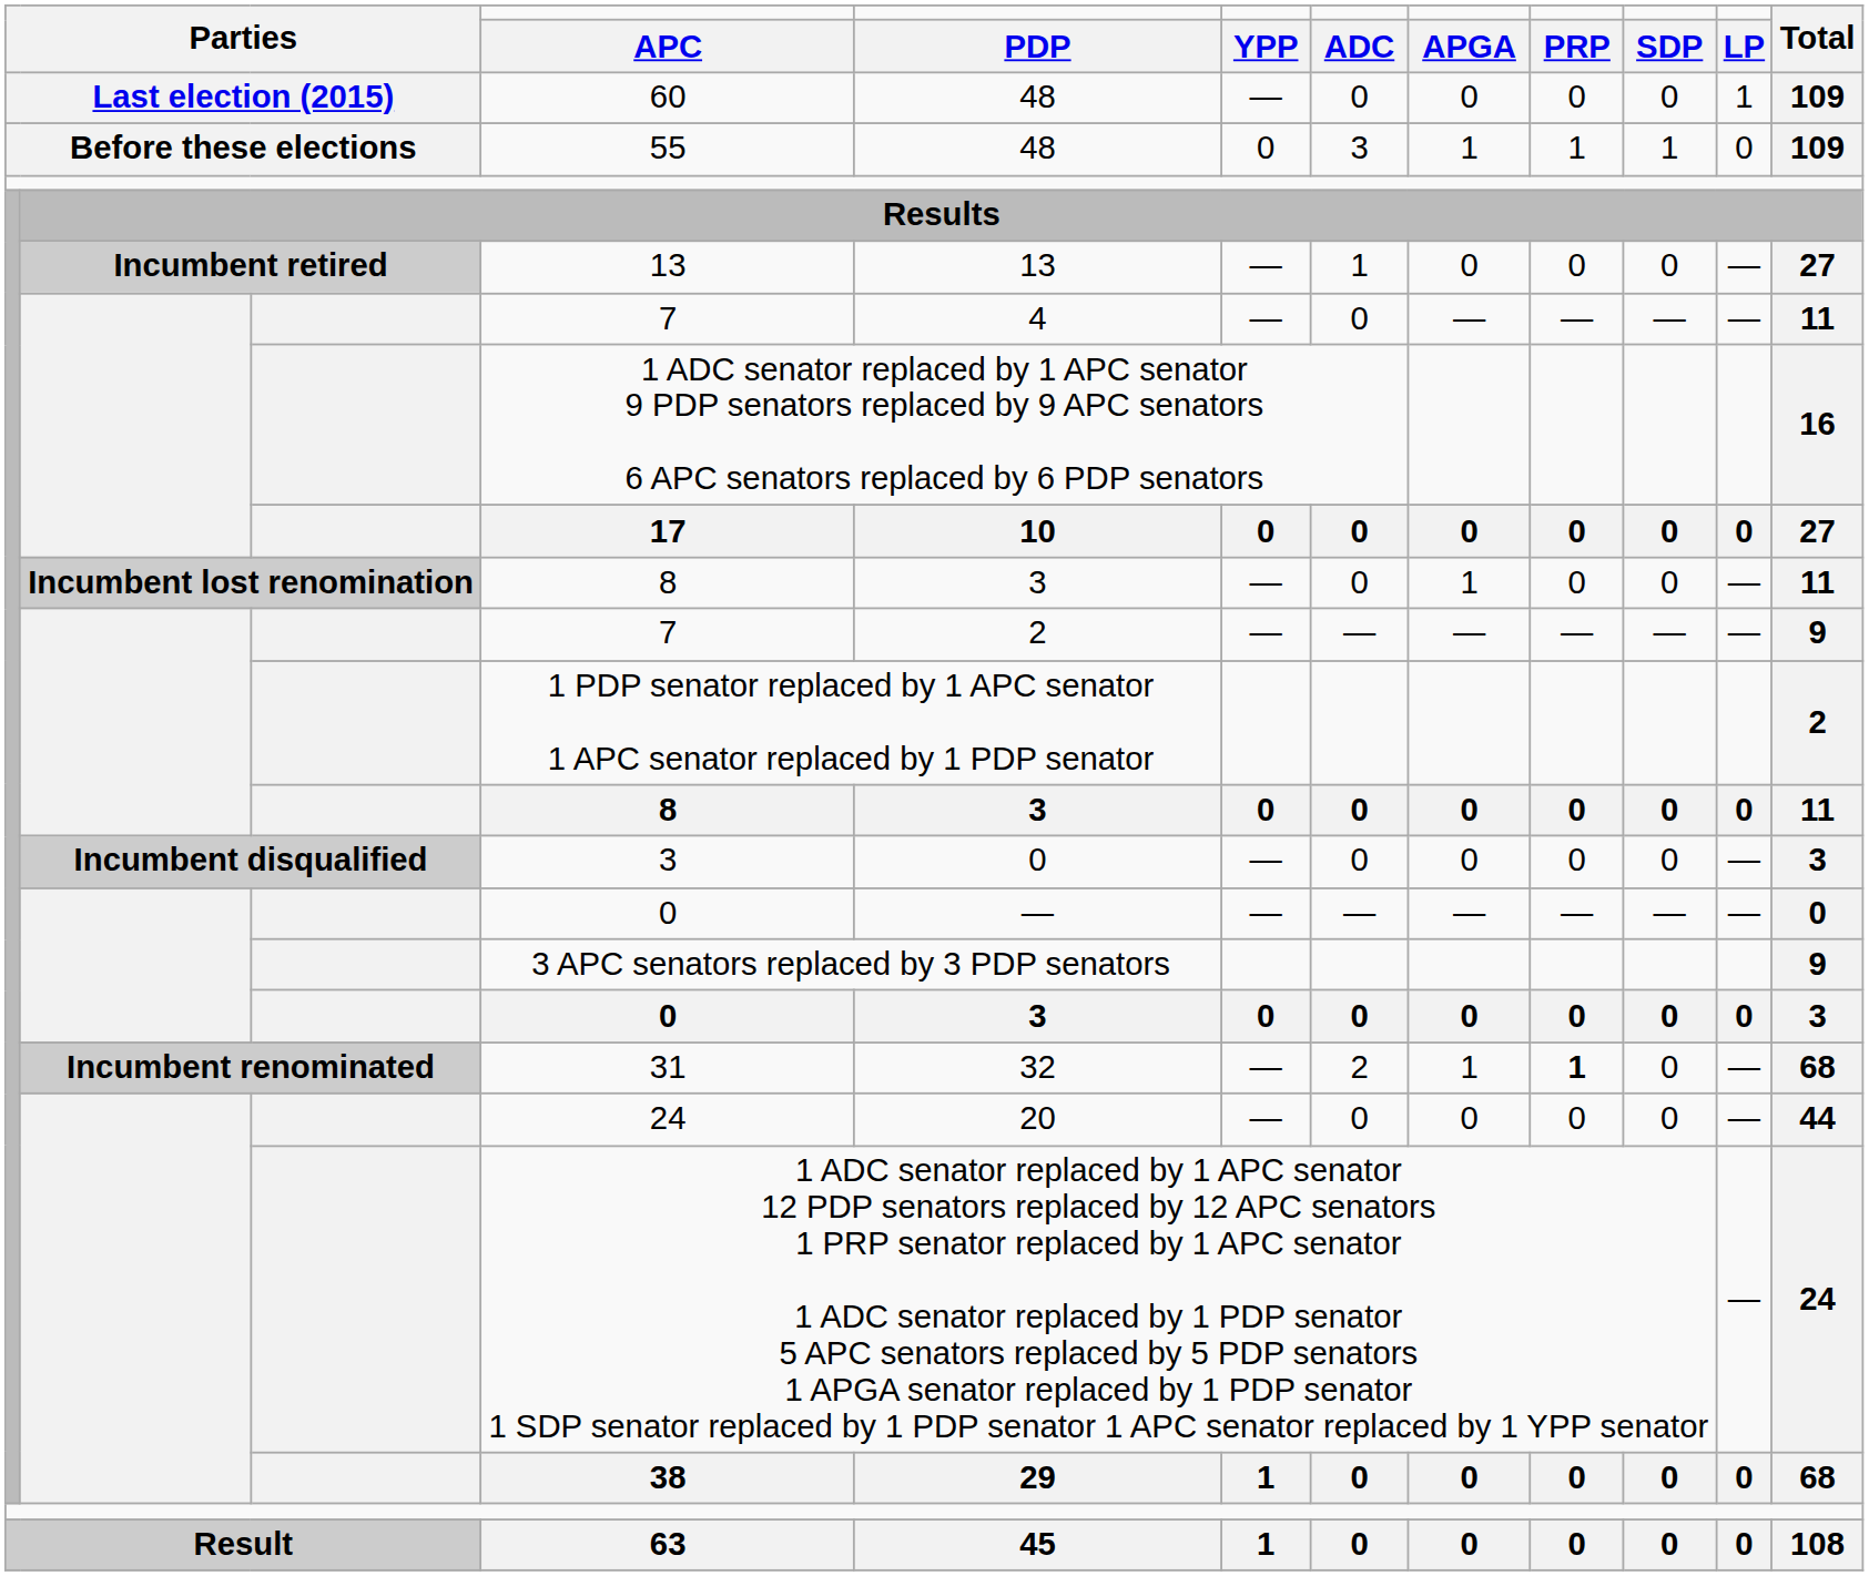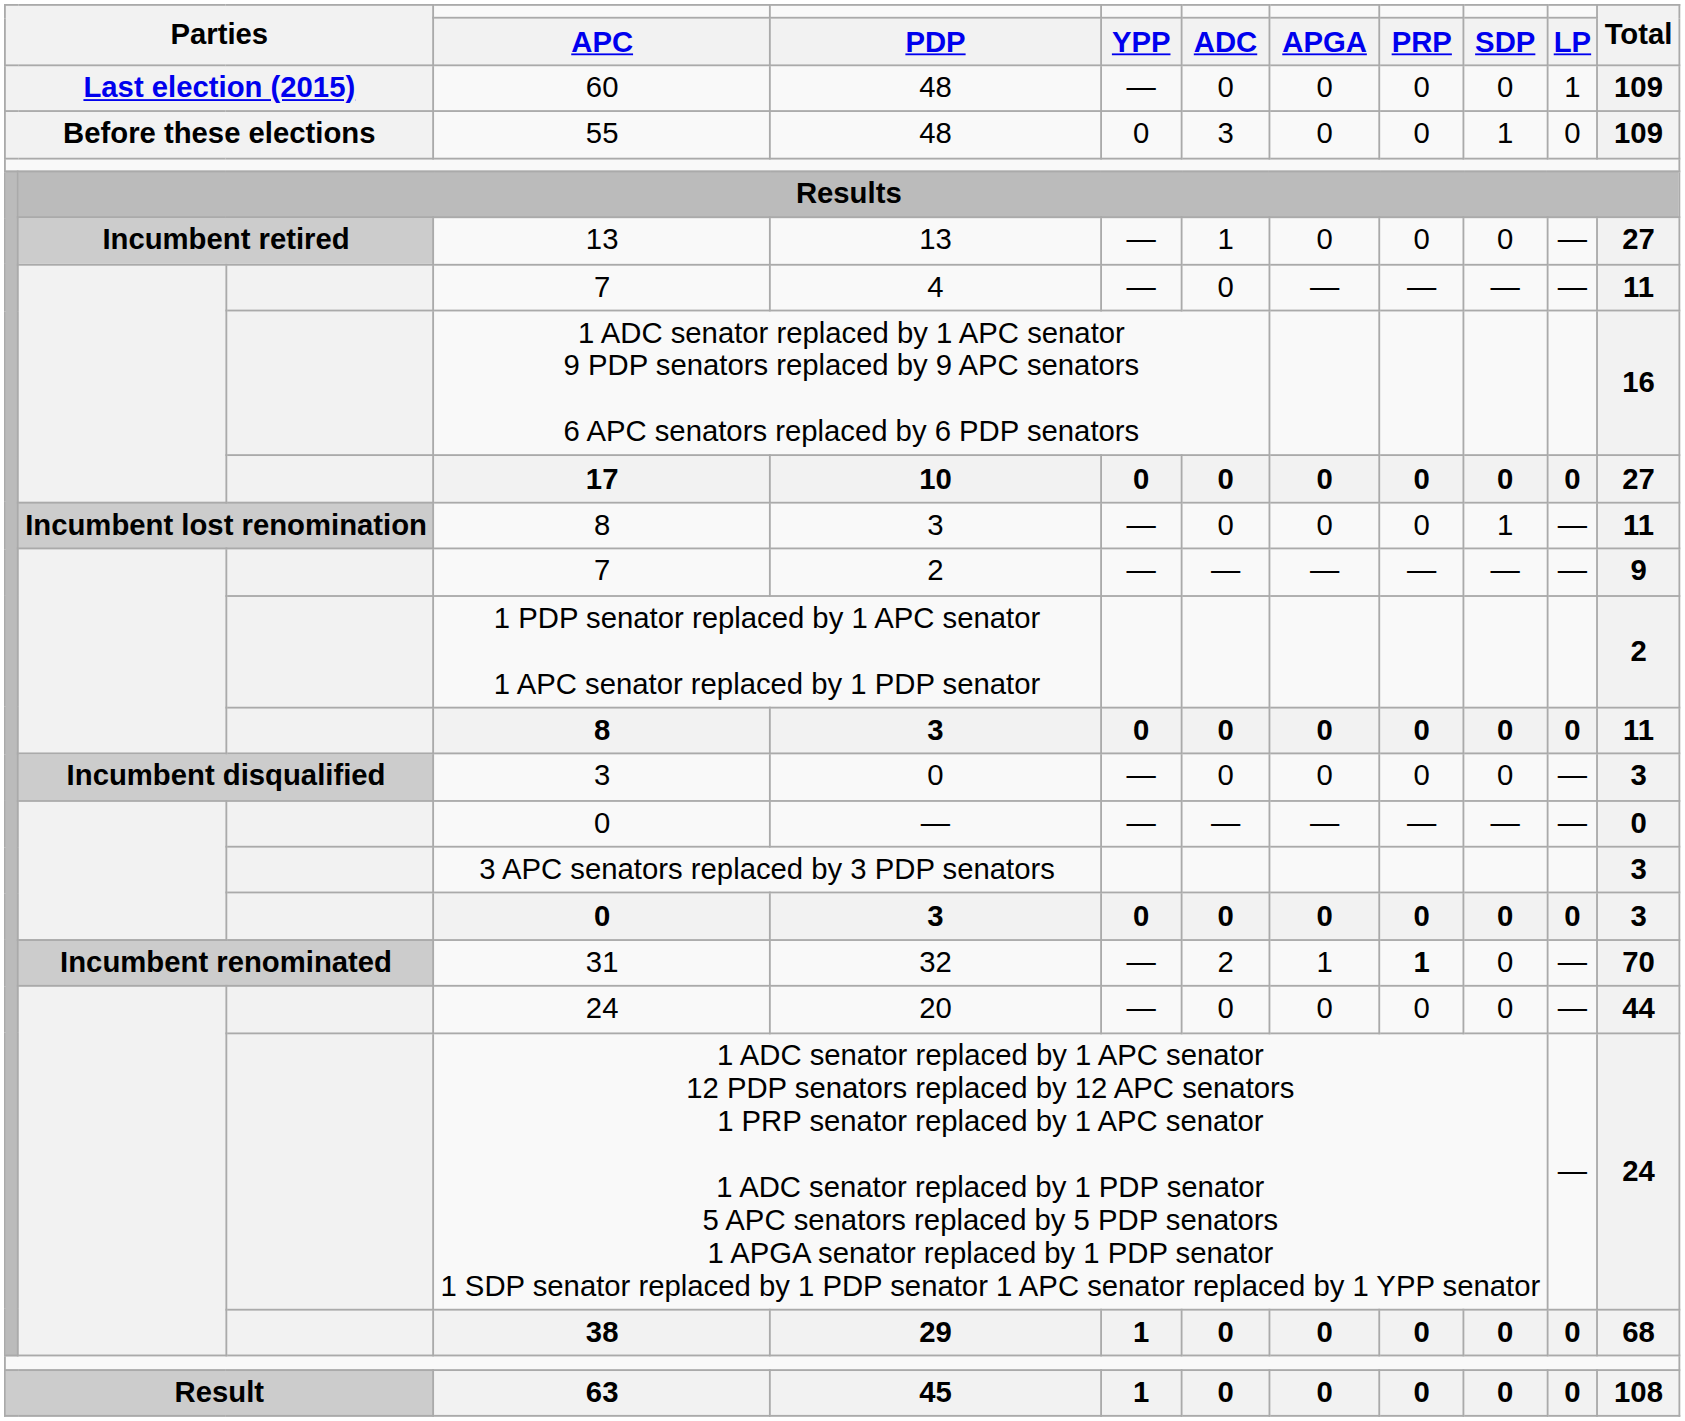 <table class=wikitable style=text-align:center>
 <tr>
 <th colspan=3 rowspan=2>Parties</th>
 <td style="background-color:"></td>
 <td style="background-color:"></td>
 <td style="background-color:"></td>
 <td style="background-color:"></td>
 <td style="background-color:"></td>
 <td style="background-color:"></td>
 <td style="background-color:"></td>
 <td style="background-color:"></td>
 <th rowspan=2>Total</th>
 </tr>
 <tr>
 <th><a href='#'>APC</a></th>
 <th><a href='#'>PDP</a></th>
 <th><a href='#'>YPP</a></th>
 <th><a href='#'>ADC</a></th>
 <th><a href='#'>APGA</a></th>
 <th><a href='#'>PRP</a></th>
 <th><a href='#'>SDP</a></th>
 <th><a href='#'>LP</a></th>
 </tr>
 <tr>
 <th colspan=3><a href='#'>Last election (2015)</a></th>
 <td>60</td>
 <td>48</td>
 <td>—</td>
 <td>0</td>
 <td>0</td>
 <td>0</td>
 <td>0</td>
 <td>1</td>
 <th>109</th>
 </tr>
 <tr>
 <th colspan=3>Before these elections</th>
 <td>55</td>
 <td>48</td>
 <td>0</td>
 <td>3</td>
-<td>1</td>
-<td>1</td>
+<td>0</td>
+<td>0</td>
 <td>1</td>
 <td>0</td>
 <th>109</th>
 </tr>
 <tr>
 <td colspan=100></td>
 </tr>
 <tr>
 <th rowspan=17 style="background:#bbb"></th>
 <th colspan=11 style="background:#bbb">Results</th>
 </tr>
 <tr>
 <th colspan=2 style="background:#ccc">Incumbent retired</th>
 <td>13</td>
 <td>13</td>
 <td>—</td>
 <td>1</td>
 <td>0</td>
 <td>0</td>
 <td>0</td>
 <td>—</td>
 <th>27</th>
 </tr>
 <tr>
 <th rowspan=3></th>
 <th></th>
 <td>7</td>
 <td>4</td>
 <td>—</td>
 <td>0</td>
 <td>—</td>
 <td>—</td>
 <td>—</td>
 <td>—</td>
 <th>11</th>
 </tr>
 <tr>
 <th></th>
 <td colspan=4 > 1 ADC senator replaced by  1 APC senator<br> 9 PDP senators replaced by  9 APC senators<br><br> 6 APC senators replaced by  6 PDP senators</td>
 <td></td>
 <td></td>
 <td></td>
 <td></td>
 <th>16</th>
 </tr>
 <tr>
 <th></th>
 <th>17</th>
 <th>10</th>
 <th>0</th>
 <th>0</th>
 <th>0</th>
 <th>0</th>
 <th>0</th>
 <th>0</th>
 <th>27</th>
 </tr>
 <tr>
 <th colspan=2 style="background:#ccc">Incumbent lost renomination</th>
 <td>8</td>
 <td>3</td>
 <td>—</td>
 <td>0</td>
-<td>1</td>
 <td>0</td>
 <td>0</td>
+<td>1</td>
 <td>—</td>
 <th>11</th>
 </tr>
 <tr>
 <th rowspan=3></th>
 <th></th>
 <td>7</td>
 <td>2</td>
 <td>—</td>
 <td>—</td>
 <td>—</td>
 <td>—</td>
 <td>—</td>
 <td>—</td>
 <th>9</th>
 </tr>
 <tr>
 <th></th>
 <td colspan=2 > 1 PDP senator replaced by  1 APC senator<br><br> 1 APC senator replaced by  1 PDP senator</td>
 <td></td>
 <td></td>
 <td></td>
 <td></td>
 <td></td>
 <td></td>
 <th>2</th>
 </tr>
 <tr>
 <th></th>
 <th>8</th>
 <th>3</th>
 <th>0</th>
 <th>0</th>
 <th>0</th>
 <th>0</th>
 <th>0</th>
 <th>0</th>
 <th>11</th>
 </tr>
 <tr>
 <th colspan=2 style="background:#ccc">Incumbent disqualified</th>
 <td>3</td>
 <td>0</td>
 <td>—</td>
 <td>0</td>
 <td>0</td>
 <td>0</td>
 <td>0</td>
 <td>—</td>
 <th>3</th>
 </tr>
 <tr>
 <th rowspan=3></th>
 <th></th>
 <td>0</td>
 <td>—</td>
 <td>—</td>
 <td>—</td>
 <td>—</td>
 <td>—</td>
 <td>—</td>
 <td>—</td>
 <th>0</th>
 </tr>
 <tr>
 <th></th>
 <td colspan=2 > 3 APC senators replaced by  3 PDP senators</td>
 <td></td>
 <td></td>
 <td></td>
 <td></td>
 <td></td>
 <td></td>
-<th>9</th>
+<th>3</th>
 </tr>
 <tr>
 <th></th>
 <th>0</th>
 <th>3</th>
 <th>0</th>
 <th>0</th>
 <th>0</th>
 <th>0</th>
 <th>0</th>
 <th>0</th>
 <th>3</th>
 </tr>
 <tr>
 <th colspan=2 style="background:#ccc">Incumbent renominated</th>
 <td>31</td>
 <td>32</td>
 <td>—</td>
 <td>2</td>
 <td>1</td>
 <td><strong>1</strong></td>
 <td>0</td>
 <td>—</td>
-<th>68</th>
+<th>70</th>
 </tr>
 <tr>
 <th rowspan=3></th>
 <th></th>
 <td>24</td>
 <td>20</td>
 <td>—</td>
 <td>0</td>
 <td>0</td>
 <td>0</td>
 <td>0</td>
 <td>—</td>
 <th>44</th>
 </tr>
 <tr>
 <th></th>
 <td colspan=7 > 1 ADC senator replaced by  1 APC senator<br> 12 PDP senators replaced by  12 APC senators<br> 1 PRP senator replaced by  1 APC senator<br><br> 1 ADC senator replaced by  1 PDP senator<br>  5 APC senators replaced by  5 PDP senators<br>  1 APGA senator replaced by  1 PDP senator<br>  1 SDP senator replaced by  1 PDP senator 1 APC senator replaced by  1 YPP senator</td>
 <td>—</td>
 <th>24</th>
 </tr>
 <tr>
 <th></th>
 <th>38</th>
 <th>29</th>
 <th>1</th>
 <th>0</th>
 <th>0</th>
 <th>0</th>
 <th>0</th>
 <th>0</th>
 <th>68</th>
 </tr>
 <tr>
 <td colspan=100></td>
 </tr>
 <tr>
 <th colspan=3 style="background:#ccc">Result</th>
 <th>63</th>
 <th>45</th>
 <th>1</th>
 <th>0</th>
 <th>0</th>
 <th>0</th>
 <th>0</th>
 <th>0</th>
 <th>108</th>
 </tr>
 </table>
